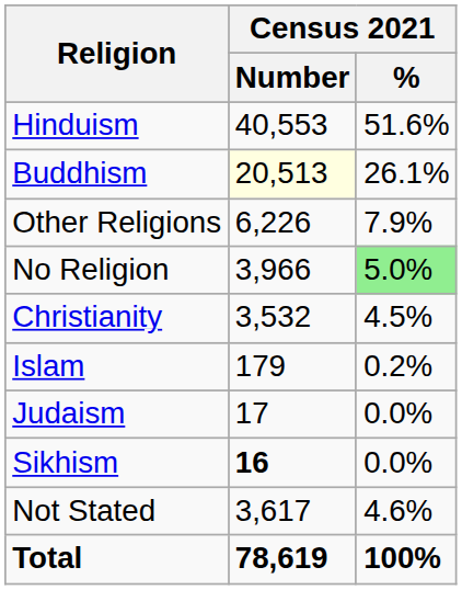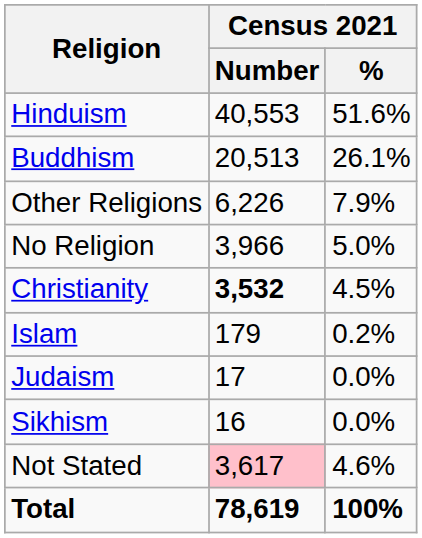 <table class="wikitable">
 <tr>
 <th rowspan="2">Religion</th>
 <th colspan="2">Census 2021</th>
 </tr>
 <tr>
 <th>Number</th>
 <th>%</th>
 </tr>
 <tr>
 <td> <a href='#'>Hinduism</a></td>
 <td>40,553</td>
 <td>51.6%</td>
 </tr>
 <tr>
 <td> <a href='#'>Buddhism</a></td>
-<td style="background: lightyellow;">20,513</td>
+<td>20,513</td>
 <td>26.1%</td>
 </tr>
 <tr>
 <td>Other Religions</td>
 <td>6,226</td>
 <td>7.9%</td>
 </tr>
 <tr>
 <td>No Religion</td>
 <td>3,966</td>
-<td style="background: lightgreen;">5.0%</td>
+<td>5.0%</td>
 </tr>
 <tr>
 <td> <a href='#'>Christianity</a></td>
-<td>3,532</td>
+<td><strong>3,532</strong></td>
 <td>4.5%</td>
 </tr>
 <tr>
 <td> <a href='#'>Islam</a></td>
 <td>179</td>
 <td>0.2%</td>
 </tr>
 <tr>
 <td> <a href='#'>Judaism</a></td>
 <td>17</td>
 <td>0.0%</td>
 </tr>
 <tr>
 <td> <a href='#'>Sikhism</a></td>
-<td><strong>16</strong></td>
+<td>16</td>
 <td>0.0%</td>
 </tr>
 <tr>
 <td>Not Stated</td>
-<td>3,617</td>
+<td style="background: pink;">3,617</td>
 <td>4.6%</td>
 </tr>
 <tr>
 <td><strong>Total</strong></td>
 <td><strong>78,619</strong></td>
 <td><strong>100%</strong></td>
 </tr>
 </table>
